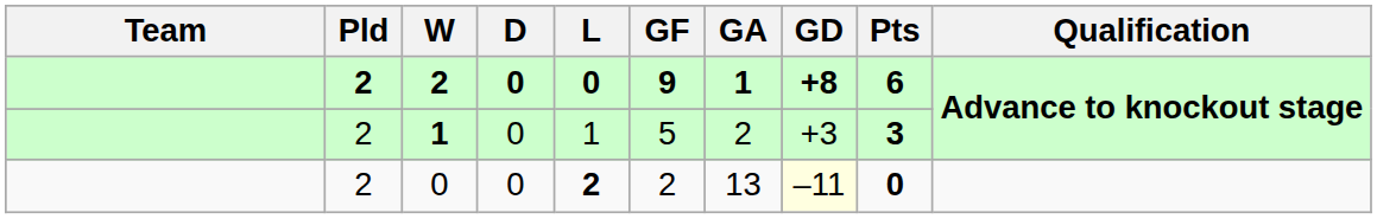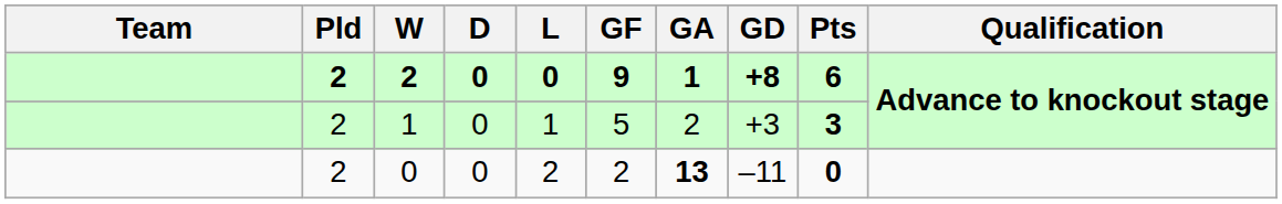 <table class="wikitable" style="text-align:center;">
 <tr>
 <th width=150>Team</th>
 <th width=30>Pld</th>
 <th width=30>W</th>
 <th width=30>D</th>
 <th width=30>L</th>
 <th width=30>GF</th>
 <th width=30>GA</th>
 <th width=30>GD</th>
 <th width=30>Pts</th>
 <th>Qualification</th>
 </tr>
 <tr bgcolor=ccffcc>
 <td align=left><strong></strong></td>
 <td><strong>2</strong></td>
 <td><strong>2</strong></td>
 <td><strong>0</strong></td>
 <td><strong>0</strong></td>
 <td><strong>9</strong></td>
 <td><strong>1</strong></td>
 <td><strong>+8</strong></td>
 <td><strong>6</strong></td>
 <td rowspan=2><strong>Advance to knockout stage</strong></td>
 </tr>
 <tr bgcolor=ccffcc>
 <td align=left></td>
 <td>2</td>
-<td><strong>1</strong></td>
+<td>1</td>
 <td>0</td>
 <td>1</td>
 <td>5</td>
 <td>2</td>
 <td>+3</td>
 <td><strong>3</strong></td>
 </tr>
 <tr>
 <td align=left></td>
 <td>2</td>
 <td>0</td>
 <td>0</td>
-<td><strong>2</strong></td>
 <td>2</td>
-<td>13</td>
-<td style="background: lightyellow;">–11</td>
+<td>2</td>
+<td><strong>13</strong></td>
+<td>–11</td>
 <td><strong>0</strong></td>
 <td></td>
 </tr>
 </table>
